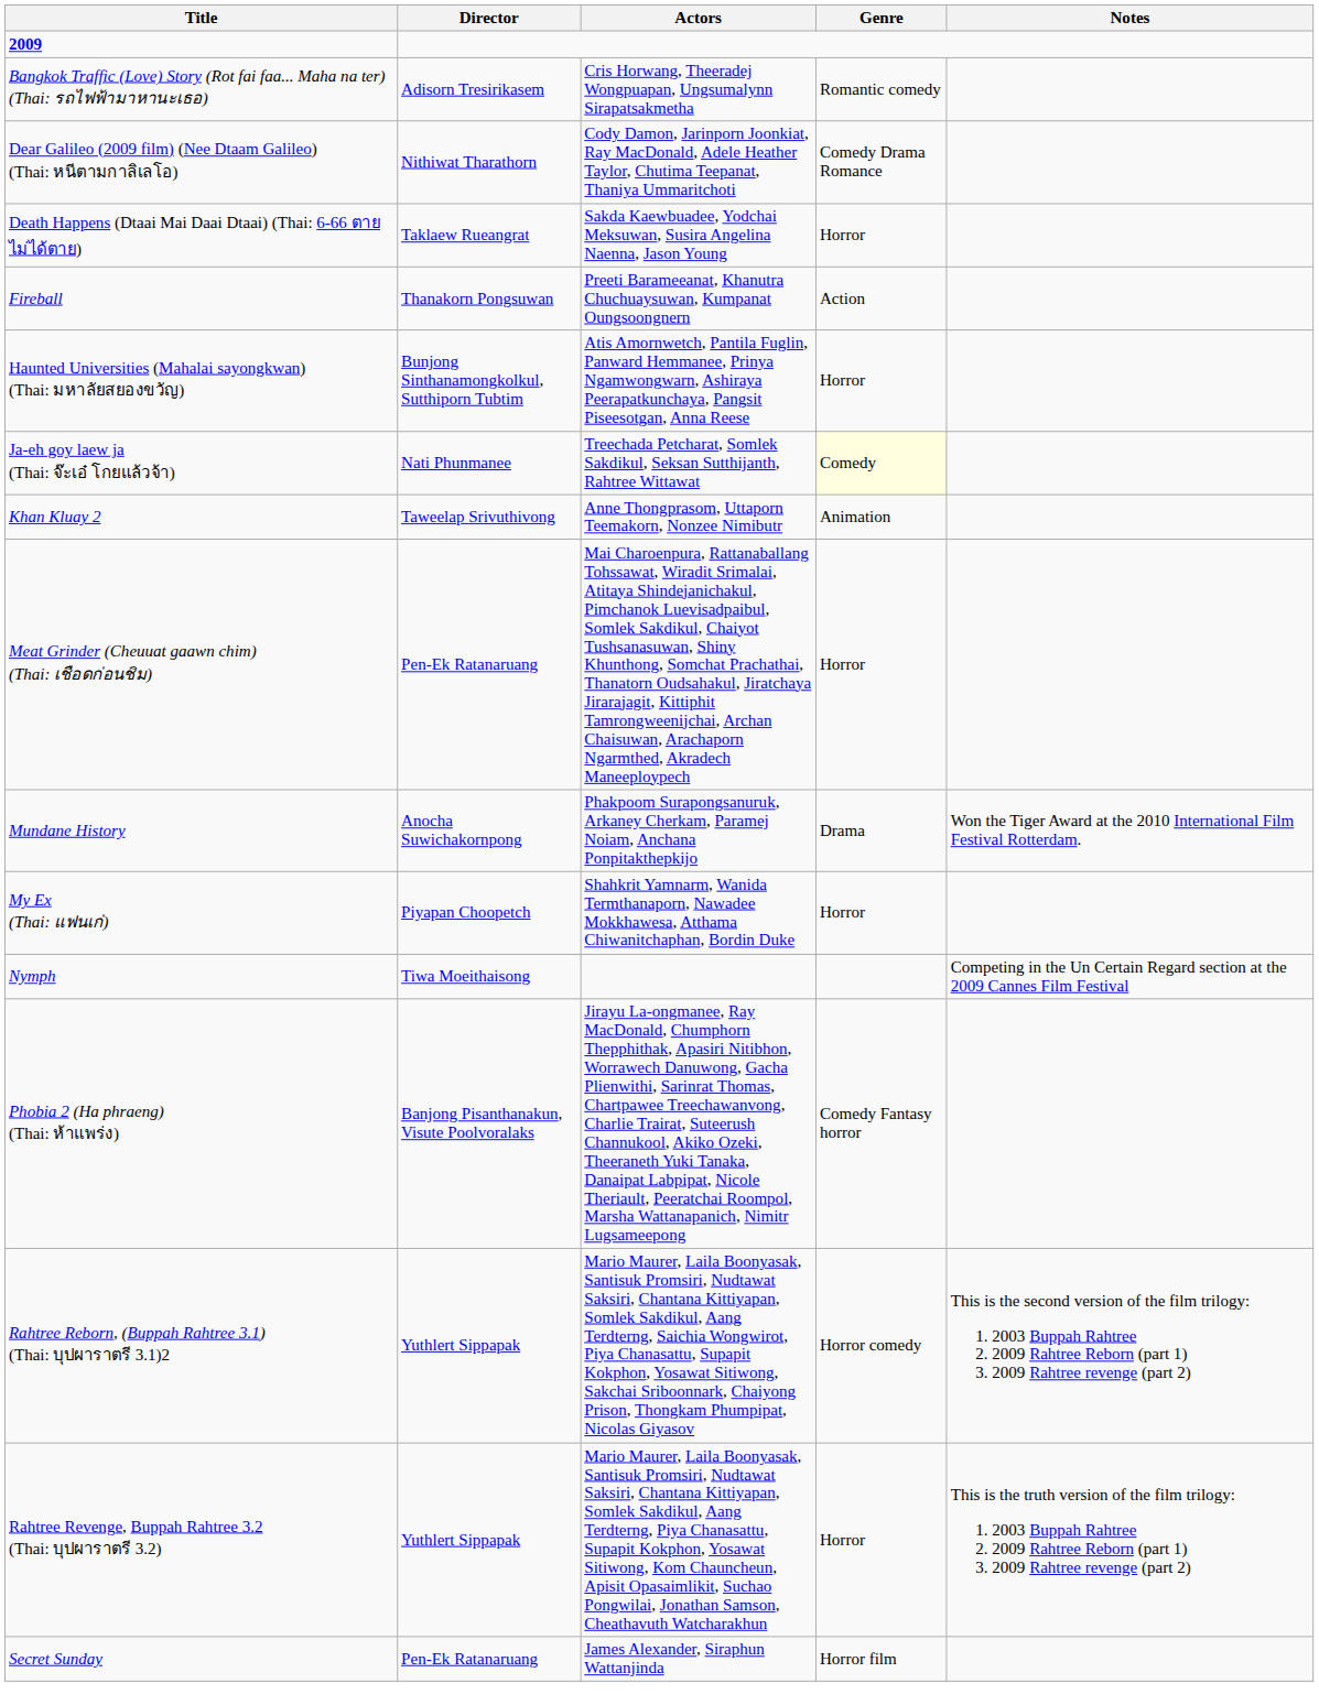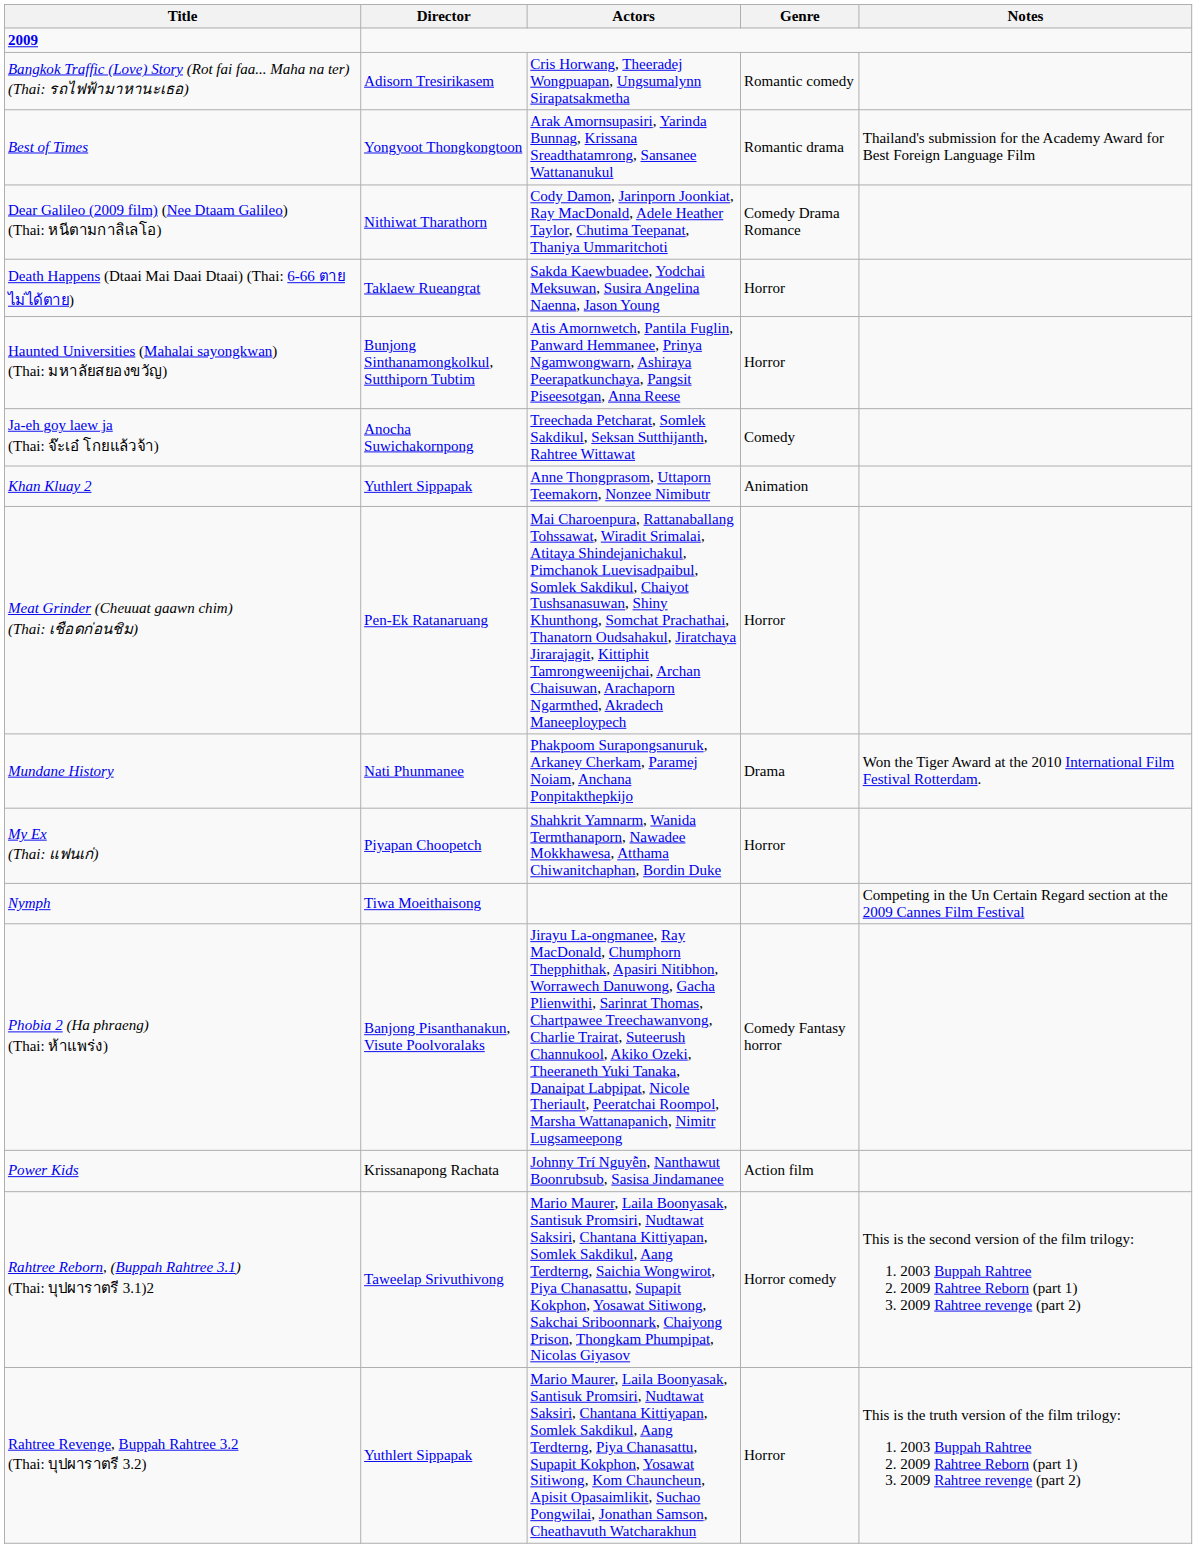 <table class="wikitable sortable" style="width:100%;">
 <tr>
 <th style="width:30%;">Title</th>
 <th style="width:14%;">Director</th>
 <th style="width:18%;">Actors</th>
 <th style="width:10%;">Genre</th>
 <th style="width:28%;">Notes</th>
 </tr>
 <tr>
 <td><strong><a href='#'>2009</a></strong></td>
 </tr>
 <tr>
 <td><em><a href='#'>Bangkok Traffic (Love) Story</a> (Rot fai faa... Maha na ter)</em><br><em>(Thai: รถไฟฟ้ามาหานะเธอ)</em></td>
 <td><a href='#'>Adisorn Tresirikasem</a></td>
 <td><a href='#'>Cris Horwang</a>, <a href='#'>Theeradej Wongpuapan</a>, <a href='#'>Ungsumalynn Sirapatsakmetha</a></td>
 <td>Romantic comedy</td>
 <td></td>
 </tr>
 <tr>
+<td><em><a href='#'>Best of Times</a></em></td>
+<td><a href='#'>Yongyoot Thongkongtoon</a></td>
+<td><a href='#'>Arak Amornsupasiri</a>, <a href='#'>Yarinda Bunnag</a>, <a href='#'>Krissana Sreadthatamrong</a>, <a href='#'>Sansanee Wattananukul</a></td>
+<td>Romantic drama</td>
+<td>Thailand's submission for the Academy Award for Best Foreign Language Film</td>
+</tr>
+<tr>
 <td><a href='#'>Dear Galileo (2009 film)</a> (<a href='#'>Nee Dtaam Galileo</a>)<br>(Thai: หนีตามกาลิเลโอ)</td>
 <td><a href='#'>Nithiwat Tharathorn</a></td>
 <td><a href='#'>Cody Damon</a>, <a href='#'>Jarinporn Joonkiat</a>, <a href='#'>Ray MacDonald</a>, <a href='#'>Adele Heather Taylor</a>, <a href='#'>Chutima Teepanat</a>, <a href='#'>Thaniya Ummaritchoti</a></td>
 <td>Comedy Drama Romance</td>
 <td></td>
 </tr>
 <tr>
 <td><a href='#'>Death Happens</a> (Dtaai Mai Daai Dtaai) (Thai: <a href='#'>6-66 ตายไม่ได้ตาย</a>)</td>
 <td><a href='#'>Taklaew Rueangrat</a></td>
 <td><a href='#'>Sakda Kaewbuadee</a>, <a href='#'>Yodchai Meksuwan</a>, <a href='#'>Susira Angelina Naenna</a>, <a href='#'>Jason Young</a></td>
 <td>Horror</td>
 <td></td>
 </tr>
 <tr>
-<td><em><a href='#'>Fireball</a></em></td>
-<td><a href='#'>Thanakorn Pongsuwan</a></td>
-<td><a href='#'>Preeti Barameeanat</a>, <a href='#'>Khanutra Chuchuaysuwan</a>, <a href='#'>Kumpanat Oungsoongnern</a></td>
-<td>Action</td>
-<td></td>
-</tr>
-<tr>
 <td><a href='#'>Haunted Universities</a> (<a href='#'>Mahalai sayongkwan</a>)<br>(Thai: มหาลัยสยองขวัญ)</td>
 <td><a href='#'>Bunjong Sinthanamongkolkul</a>, <a href='#'>Sutthiporn Tubtim</a></td>
 <td><a href='#'>Atis Amornwetch</a>, <a href='#'>Pantila Fuglin</a>, <a href='#'>Panward Hemmanee</a>, <a href='#'>Prinya Ngamwongwarn</a>, <a href='#'>Ashiraya Peerapatkunchaya</a>, <a href='#'>Pangsit Piseesotgan</a>, <a href='#'>Anna Reese</a></td>
 <td>Horror</td>
 <td></td>
 </tr>
 <tr>
 <td><a href='#'>Ja-eh goy laew ja</a><br>(Thai: จ๊ะเอ๋ โกยแล้วจ้า)</td>
-<td><a href='#'>Nati Phunmanee</a></td>
+<td><a href='#'>Anocha Suwichakornpong</a></td>
 <td><a href='#'>Treechada Petcharat</a>, <a href='#'>Somlek Sakdikul</a>, <a href='#'>Seksan Sutthijanth</a>, <a href='#'>Rahtree Wittawat</a></td>
-<td style="background: lightyellow;">Comedy</td>
+<td>Comedy</td>
 <td></td>
 </tr>
 <tr>
 <td><em><a href='#'>Khan Kluay 2</a></em></td>
-<td><a href='#'>Taweelap Srivuthivong</a></td>
+<td><a href='#'>Yuthlert Sippapak</a></td>
 <td><a href='#'>Anne Thongprasom</a>, <a href='#'>Uttaporn Teemakorn</a>, <a href='#'>Nonzee Nimibutr</a></td>
 <td>Animation</td>
 <td></td>
 </tr>
 <tr>
 <td><em><a href='#'>Meat Grinder</a> (Cheuuat gaawn chim)</em><br><em>(Thai: เชือดก่อนชิม)</em></td>
 <td><a href='#'>Pen-Ek Ratanaruang</a></td>
 <td><a href='#'>Mai Charoenpura</a>, <a href='#'>Rattanaballang Tohssawat</a>, <a href='#'>Wiradit Srimalai</a>, <a href='#'>Atitaya Shindejanichakul</a>, <a href='#'>Pimchanok Luevisadpaibul</a>, <a href='#'>Somlek Sakdikul</a>, <a href='#'>Chaiyot Tushsanasuwan</a>, <a href='#'>Shiny Khunthong</a>, <a href='#'>Somchat Prachathai</a>, <a href='#'>Thanatorn Oudsahakul</a>, <a href='#'>Jiratchaya Jirarajagit</a>, <a href='#'>Kittiphit Tamrongweenijchai</a>, <a href='#'>Archan Chaisuwan</a>, <a href='#'>Arachaporn Ngarmthed</a>, <a href='#'>Akradech Maneeploypech</a></td>
 <td>Horror</td>
 <td></td>
 </tr>
 <tr>
 <td><em><a href='#'>Mundane History</a></em></td>
-<td><a href='#'>Anocha Suwichakornpong</a></td>
+<td><a href='#'>Nati Phunmanee</a></td>
 <td><a href='#'>Phakpoom Surapongsanuruk</a>, <a href='#'>Arkaney Cherkam</a>, <a href='#'>Paramej Noiam</a>, <a href='#'>Anchana Ponpitakthepkijo</a></td>
 <td>Drama</td>
 <td>Won the Tiger Award at the 2010 <a href='#'>International Film Festival Rotterdam</a>.</td>
 </tr>
 <tr>
 <td><em><a href='#'>My Ex</a></em><br><em>(Thai: แฟนเก่)</em></td>
 <td><a href='#'>Piyapan Choopetch</a></td>
 <td><a href='#'>Shahkrit Yamnarm</a>, <a href='#'>Wanida Termthanaporn</a>, <a href='#'>Nawadee Mokkhawesa</a>, <a href='#'>Atthama Chiwanitchaphan</a>, <a href='#'>Bordin Duke</a></td>
 <td>Horror</td>
 <td></td>
 </tr>
 <tr>
 <td><em><a href='#'>Nymph</a></em></td>
 <td><a href='#'>Tiwa Moeithaisong</a></td>
 <td></td>
 <td></td>
 <td>Competing in the Un Certain Regard section at the <a href='#'>2009 Cannes Film Festival</a></td>
 </tr>
 <tr>
 <td><em><a href='#'>Phobia 2</a> (Ha phraeng)</em><br>(Thai: ห้าแพร่ง)</td>
 <td><a href='#'>Banjong Pisanthanakun</a>, <a href='#'>Visute Poolvoralaks</a></td>
 <td><a href='#'>Jirayu La-ongmanee</a>, <a href='#'>Ray MacDonald</a>, <a href='#'>Chumphorn Thepphithak</a>, <a href='#'>Apasiri Nitibhon</a>, <a href='#'>Worrawech Danuwong</a>, <a href='#'>Gacha Plienwithi</a>, <a href='#'>Sarinrat Thomas</a>, <a href='#'>Chartpawee Treechawanvong</a>, <a href='#'>Charlie Trairat</a>, <a href='#'>Suteerush Channukool</a>, <a href='#'>Akiko Ozeki</a>, <a href='#'>Theeraneth Yuki Tanaka</a>, <a href='#'>Danaipat Labpipat</a>, <a href='#'>Nicole Theriault</a>, <a href='#'>Peeratchai Roompol</a>, <a href='#'>Marsha Wattanapanich</a>, <a href='#'>Nimitr Lugsameepong</a></td>
 <td>Comedy Fantasy horror</td>
 <td></td>
 </tr>
 <tr>
+<td><em><a href='#'>Power Kids</a></em></td>
+<td>Krissanapong Rachata</td>
+<td><a href='#'>Johnny Trí Nguyễn</a>, <a href='#'>Nanthawut Boonrubsub</a>, <a href='#'>Sasisa Jindamanee</a></td>
+<td>Action film</td>
+<td></td>
+</tr>
+<tr>
 <td><em><a href='#'>Rahtree Reborn</a>, (<a href='#'>Buppah Rahtree 3.1</a>)</em><br>(Thai:  บุปผาราตรี  3.1)2</td>
-<td><a href='#'>Yuthlert Sippapak</a></td>
+<td><a href='#'>Taweelap Srivuthivong</a></td>
 <td><a href='#'>Mario Maurer</a>, <a href='#'>Laila Boonyasak</a>, <a href='#'>Santisuk Promsiri</a>, <a href='#'>Nudtawat Saksiri</a>, <a href='#'>Chantana Kittiyapan</a>, <a href='#'>Somlek Sakdikul</a>, <a href='#'>Aang Terdterng</a>, <a href='#'>Saichia Wongwirot</a>, <a href='#'>Piya Chanasattu</a>, <a href='#'>Supapit Kokphon</a>, <a href='#'>Yosawat Sitiwong</a>, <a href='#'>Sakchai Sriboonnark</a>, <a href='#'>Chaiyong Prison</a>, <a href='#'>Thongkam Phumpipat</a>, <a href='#'>Nicolas Giyasov</a></td>
 <td>Horror comedy</td>
 <td>This is the second version of the film trilogy:<br><ol><li>2003 <a href='#'>Buppah Rahtree</a></li><li>2009 <a href='#'>Rahtree Reborn</a> (part 1)</li><li>2009 <a href='#'>Rahtree revenge</a> (part 2)</li></ol></td>
 </tr>
 <tr>
 <td><a href='#'>Rahtree Revenge</a>, <a href='#'>Buppah Rahtree 3.2</a><br>(Thai:  บุปผาราตรี  3.2)</td>
 <td><a href='#'>Yuthlert Sippapak</a></td>
 <td><a href='#'>Mario Maurer</a>, <a href='#'>Laila Boonyasak</a>, <a href='#'>Santisuk Promsiri</a>, <a href='#'>Nudtawat Saksiri</a>, <a href='#'>Chantana Kittiyapan</a>, <a href='#'>Somlek Sakdikul</a>, <a href='#'>Aang Terdterng</a>, <a href='#'>Piya Chanasattu</a>, <a href='#'>Supapit Kokphon</a>, <a href='#'>Yosawat Sitiwong</a>, <a href='#'>Kom Chauncheun</a>, <a href='#'>Apisit Opasaimlikit</a>, <a href='#'>Suchao Pongwilai</a>, <a href='#'>Jonathan Samson</a>, <a href='#'>Cheathavuth Watcharakhun</a></td>
 <td>Horror</td>
 <td>This is the truth version of the film trilogy:<br><ol><li>2003 <a href='#'>Buppah Rahtree</a></li><li>2009 <a href='#'>Rahtree Reborn</a> (part 1)</li><li>2009 <a href='#'>Rahtree revenge</a> (part 2)</li></ol></td>
 </tr>
-<tr>
-<td><em><a href='#'>Secret Sunday</a></em></td>
-<td><a href='#'>Pen-Ek Ratanaruang</a></td>
-<td><a href='#'>James Alexander</a>, <a href='#'>Siraphun Wattanjinda</a></td>
-<td>Horror film</td>
-<td></td>
-</tr>
 </table>
